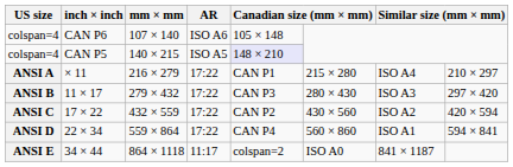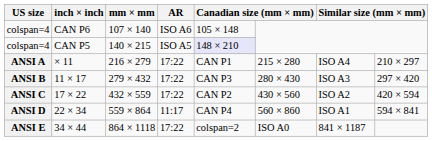 <table class="wikitable">
 <tr>
 <th>US size</th>
 <th>inch × inch</th>
 <th>mm × mm</th>
 <th title="aspect ratio">AR</th>
 <th colspan=2>Canadian size (mm × mm)</th>
 <th colspan=2>Similar size (mm × mm)</th>
 </tr>
 <tr>
 <td>colspan=4 </td>
 <td>CAN P6</td>
 <td>107 × 140</td>
 <td>ISO A6</td>
 <td>105 × 148</td>
 </tr>
 <tr title="Memo, Statement">
 <td>colspan=4 </td>
 <td>CAN P5</td>
 <td>140 × 215</td>
 <td>ISO A5</td>
 <td style="background: lavender;">148 × 210</td>
 </tr>
 <tr title="Letter">
 <th>ANSI A</th>
 <td> × 11</td>
 <td>216 × 279</td>
 <td>17:22</td>
 <td>CAN P1</td>
 <td>215 × 280</td>
 <td>ISO A4</td>
 <td>210 × 297</td>
 </tr>
 <tr title="Ledger, Tabloid">
 <th>ANSI B</th>
 <td>11 × 17</td>
 <td>279 × 432</td>
 <td>17:22</td>
 <td>CAN P3</td>
 <td>280 × 430</td>
 <td>ISO A3</td>
 <td>297 × 420</td>
 </tr>
 <tr>
 <th>ANSI C</th>
 <td>17 × 22</td>
 <td>432 × 559</td>
 <td>17:22</td>
 <td>CAN P2</td>
 <td>430 × 560</td>
 <td>ISO A2</td>
 <td>420 × 594</td>
 </tr>
 <tr>
 <th>ANSI D</th>
 <td>22 × 34</td>
 <td>559 × 864</td>
-<td>17:22</td>
+<td>11:17</td>
 <td>CAN P4</td>
 <td>560 × 860</td>
 <td>ISO A1</td>
 <td>594 × 841</td>
 </tr>
 <tr>
 <th>ANSI E</th>
 <td>34 × 44</td>
 <td>864 × 1118</td>
-<td>11:17</td>
+<td>17:22</td>
 <td>colspan=2 </td>
 <td>ISO A0</td>
 <td>841 × 1187</td>
 </tr>
 </table>
